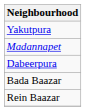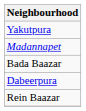 <table class="wikitable sortable static-row-numbers static-row-header-hash">
 <tr>
 <th>Neighbourhood</th>
 </tr>
 <tr>
 <td><a href='#'>Yakutpura</a></td>
 </tr>
 <tr>
 <td><em><a href='#'>Madannapet</a></em></td>
 </tr>
 <tr>
-<td><a href='#'>Dabeerpura</a></td>
+<td>Bada Baazar</td>
 </tr>
 <tr>
-<td>Bada Baazar</td>
+<td><a href='#'>Dabeerpura</a></td>
 </tr>
 <tr>
 <td>Rein Baazar</td>
 </tr>
 <tr>
 </tr>
 </table>
